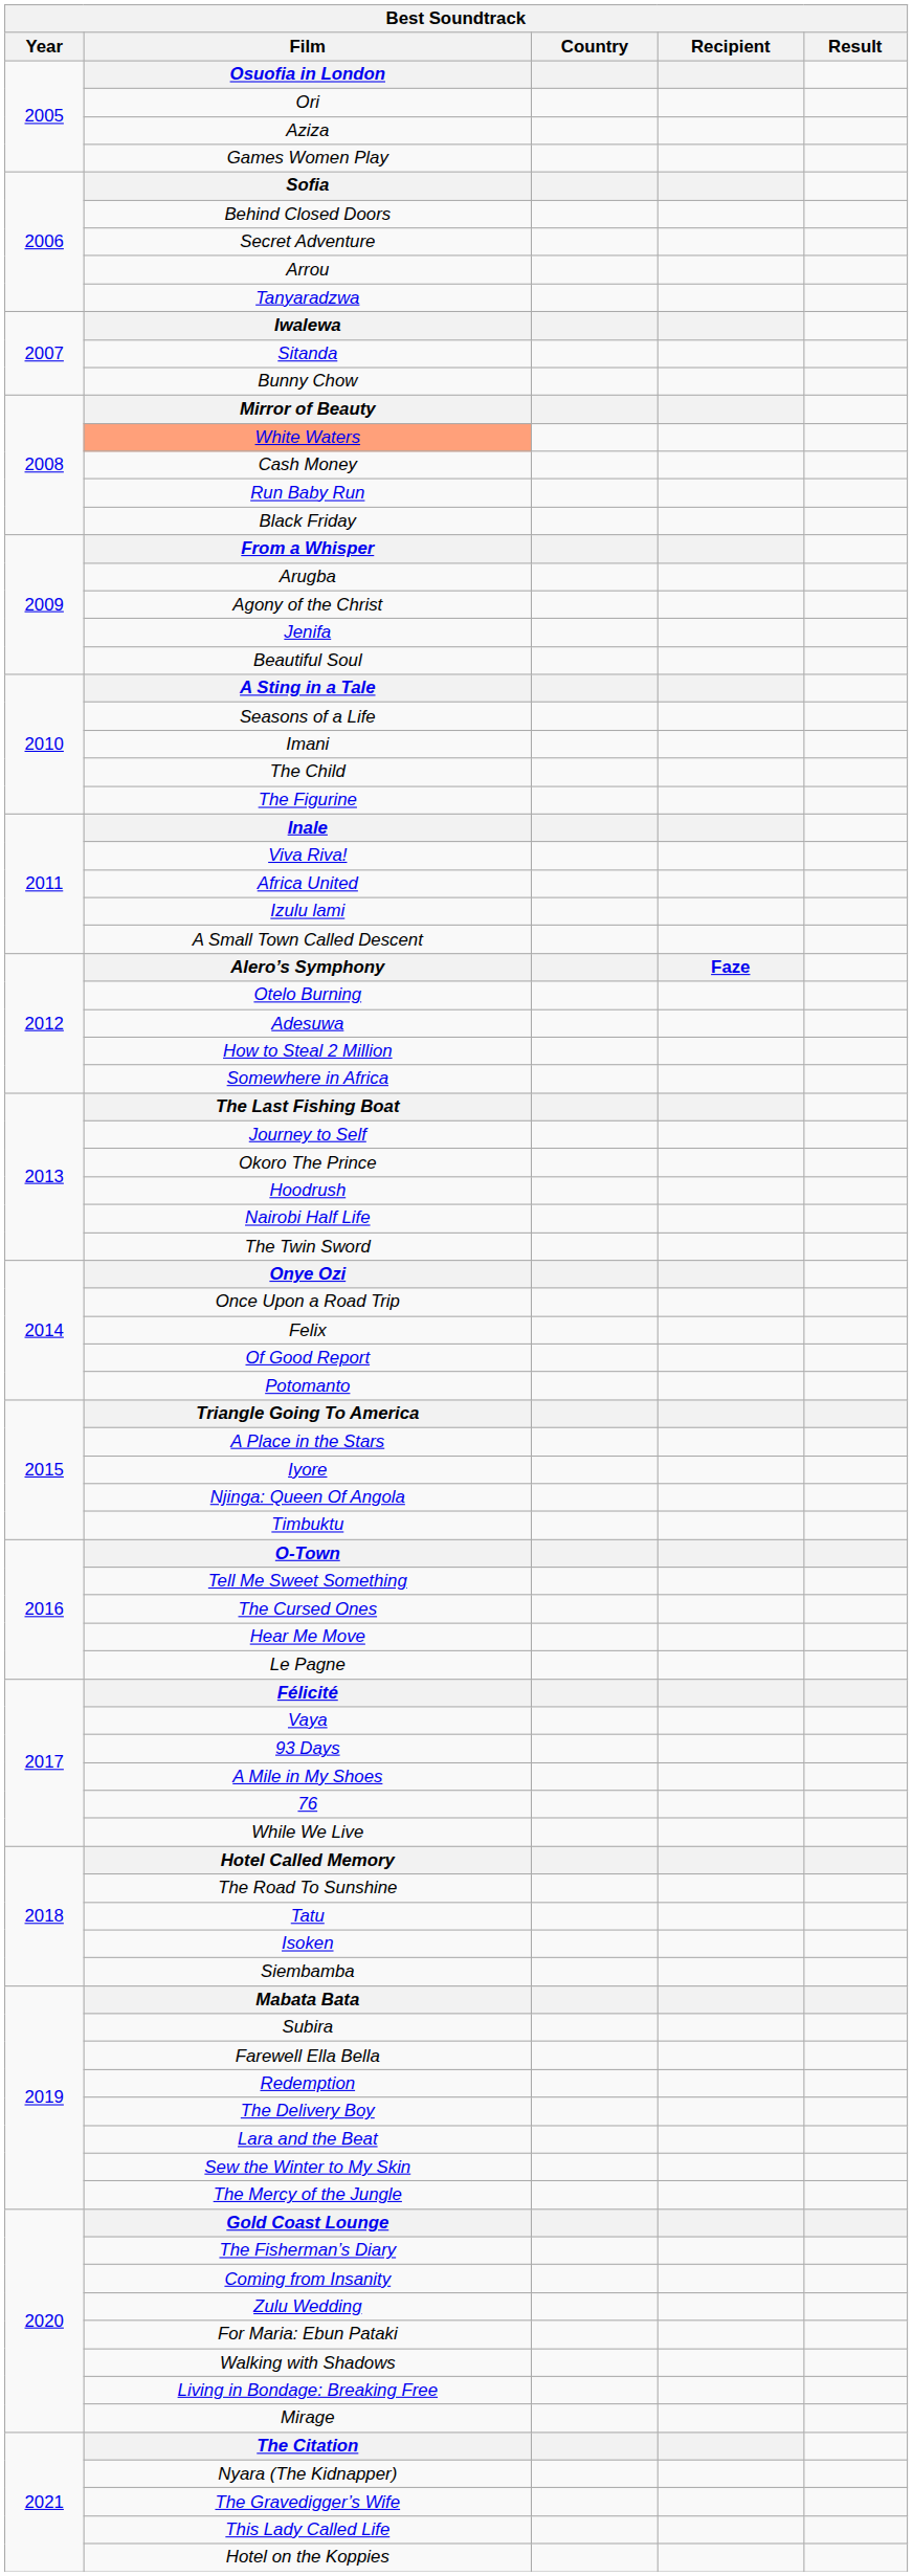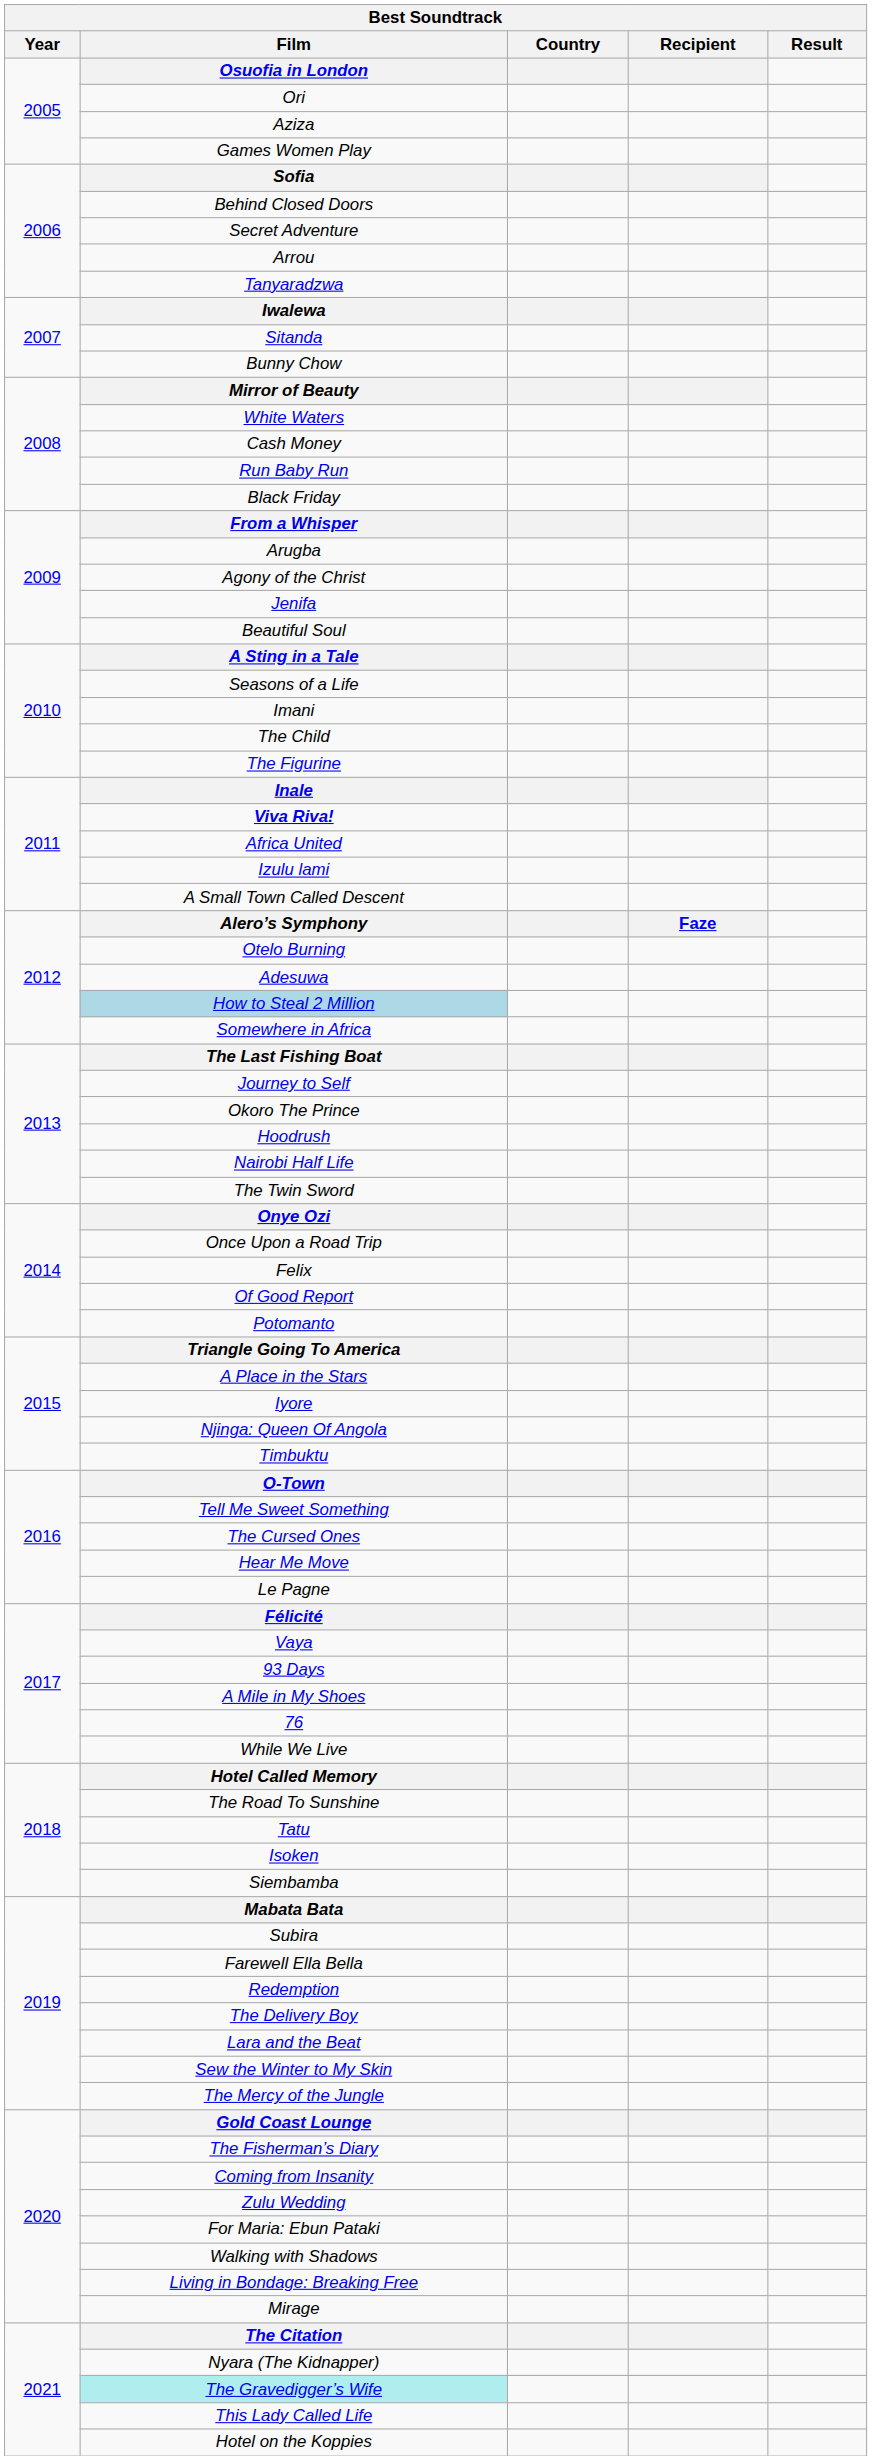 <table class=wikitable style="text-align:center" width="65%">
 <tr>
 <th colspan="5">Best Soundtrack</th>
 </tr>
 <tr>
 <th>Year</th>
 <th>Film</th>
 <th>Country</th>
 <th>Recipient</th>
 <th>Result</th>
 </tr>
 <tr>
 <td rowspan="4"><a href='#'>2005</a></td>
 <th><em><a href='#'>Osuofia in London</a></em></th>
 <th style="text-align: center"></th>
 <th></th>
 <td></td>
 </tr>
 <tr>
 <td><em>Ori</em></td>
 <td></td>
 <td></td>
 <td></td>
 </tr>
 <tr>
 <td><em>Aziza</em></td>
 <td></td>
 <td></td>
 <td></td>
 </tr>
 <tr>
 <td><em>Games Women Play</em></td>
 <td></td>
 <td></td>
 <td></td>
 </tr>
 <tr>
 <td rowspan="5"><a href='#'>2006</a></td>
 <th><em>Sofia</em></th>
 <th style="text-align: center"></th>
 <th></th>
 <td></td>
 </tr>
 <tr>
 <td><em>Behind Closed Doors</em></td>
 <td></td>
 <td></td>
 <td></td>
 </tr>
 <tr>
 <td><em>Secret Adventure</em></td>
 <td></td>
 <td></td>
 <td></td>
 </tr>
 <tr>
 <td><em>Arrou</em></td>
 <td></td>
 <td></td>
 <td></td>
 </tr>
 <tr>
 <td><em><a href='#'>Tanyaradzwa</a></em></td>
 <td></td>
 <td></td>
 <td></td>
 </tr>
 <tr>
 <td rowspan="3"><a href='#'>2007</a></td>
 <th><em>Iwalewa</em></th>
 <th style="text-align: center"></th>
 <th></th>
 <td></td>
 </tr>
 <tr>
 <td><em><a href='#'>Sitanda</a></em></td>
 <td></td>
 <td></td>
 <td></td>
 </tr>
 <tr>
 <td><em>Bunny Chow</em></td>
 <td></td>
 <td></td>
 <td></td>
 </tr>
 <tr>
 <td rowspan="5"><a href='#'>2008</a></td>
 <th><em>Mirror of Beauty</em></th>
 <th style="text-align: center"></th>
 <th></th>
 <td></td>
 </tr>
 <tr>
-<td style="background: lightsalmon;"><em><a href='#'>White Waters</a></em></td>
+<td><em><a href='#'>White Waters</a></em></td>
 <td></td>
 <td></td>
 <td></td>
 </tr>
 <tr>
 <td><em>Cash Money</em></td>
 <td></td>
 <td></td>
 <td></td>
 </tr>
 <tr>
 <td><em><a href='#'>Run Baby Run</a></em></td>
 <td></td>
 <td></td>
 <td></td>
 </tr>
 <tr>
 <td><em>Black Friday</em></td>
 <td></td>
 <td></td>
 <td></td>
 </tr>
 <tr>
 <td rowspan="5"><a href='#'>2009</a></td>
 <th><em><a href='#'>From a Whisper</a></em></th>
 <th style="text-align: center"></th>
 <th></th>
 <td></td>
 </tr>
 <tr>
 <td><em>Arugba</em></td>
 <td></td>
 <td></td>
 <td></td>
 </tr>
 <tr>
 <td><em>Agony of the Christ</em></td>
 <td></td>
 <td></td>
 <td></td>
 </tr>
 <tr>
 <td><em><a href='#'>Jenifa</a></em></td>
 <td></td>
 <td></td>
 <td></td>
 </tr>
 <tr>
 <td><em>Beautiful Soul</em></td>
 <td></td>
 <td></td>
 <td></td>
 </tr>
 <tr>
 <td rowspan="5"><a href='#'>2010</a></td>
 <th><em><a href='#'>A Sting in a Tale</a></em></th>
 <th style="text-align: center"></th>
 <th></th>
 <td></td>
 </tr>
 <tr>
 <td><em>Seasons of a Life</em></td>
 <td></td>
 <td></td>
 <td></td>
 </tr>
 <tr>
 <td><em>Imani</em></td>
 <td></td>
 <td></td>
 <td></td>
 </tr>
 <tr>
 <td><em>The Child</em></td>
 <td></td>
 <td></td>
 <td></td>
 </tr>
 <tr>
 <td><em><a href='#'>The Figurine</a></em></td>
 <td></td>
 <td></td>
 <td></td>
 </tr>
 <tr>
 <td rowspan="5"><a href='#'>2011</a></td>
 <th><em><a href='#'>Inale</a></em></th>
 <th style="text-align: center"></th>
 <th></th>
 <td></td>
 </tr>
 <tr>
-<td><em><a href='#'>Viva Riva!</a></em></td>
+<td><strong><em><a href='#'>Viva Riva!</a></em></strong></td>
 <td></td>
 <td></td>
 <td></td>
 </tr>
 <tr>
 <td><em><a href='#'>Africa United</a></em></td>
 <td></td>
 <td></td>
 <td></td>
 </tr>
 <tr>
 <td><em><a href='#'>Izulu lami</a></em></td>
 <td></td>
 <td></td>
 <td></td>
 </tr>
 <tr>
 <td><em>A Small Town Called Descent</em></td>
 <td></td>
 <td></td>
 <td></td>
 </tr>
 <tr>
 <td rowspan="5"><a href='#'>2012</a></td>
 <th><em>Alero’s Symphony</em></th>
 <th style="text-align: center"></th>
 <th><a href='#'>Faze</a></th>
 <td></td>
 </tr>
 <tr>
 <td><em><a href='#'>Otelo Burning</a></em></td>
 <td></td>
 <td></td>
 <td></td>
 </tr>
 <tr>
 <td><em><a href='#'>Adesuwa</a></em></td>
 <td></td>
 <td></td>
 <td></td>
 </tr>
 <tr>
-<td><em><a href='#'>How to Steal 2 Million</a></em></td>
+<td style="background: lightblue;"><em><a href='#'>How to Steal 2 Million</a></em></td>
 <td></td>
 <td></td>
 <td></td>
 </tr>
 <tr>
 <td><em><a href='#'>Somewhere in Africa</a></em></td>
 <td></td>
 <td></td>
 <td></td>
 </tr>
 <tr>
 <td rowspan="6"><a href='#'>2013</a></td>
 <th><em>The Last Fishing Boat</em></th>
 <th style="text-align: center"></th>
 <th></th>
 <td></td>
 </tr>
 <tr>
 <td><em><a href='#'>Journey to Self</a></em></td>
 <td></td>
 <td></td>
 <td></td>
 </tr>
 <tr>
 <td><em>Okoro The Prince</em></td>
 <td></td>
 <td></td>
 <td></td>
 </tr>
 <tr>
 <td><em><a href='#'>Hoodrush</a></em></td>
 <td></td>
 <td></td>
 <td></td>
 </tr>
 <tr>
 <td><em><a href='#'>Nairobi Half Life</a></em></td>
 <td></td>
 <td></td>
 <td></td>
 </tr>
 <tr>
 <td><em>The Twin Sword</em></td>
 <td></td>
 <td></td>
 <td></td>
 </tr>
 <tr>
 <td rowspan="5"><a href='#'>2014</a></td>
 <th><em><a href='#'>Onye Ozi</a></em></th>
 <th style="text-align: center"> </th>
 <th></th>
 <td></td>
 </tr>
 <tr>
 <td><em>Once Upon a Road Trip</em></td>
 <td></td>
 <td></td>
 <td></td>
 </tr>
 <tr>
 <td><em>Felix</em></td>
 <td></td>
 <td></td>
 <td></td>
 </tr>
 <tr>
 <td><em><a href='#'>Of Good Report</a></em></td>
 <td></td>
 <td></td>
 <td></td>
 </tr>
 <tr>
 <td><em><a href='#'>Potomanto</a></em></td>
 <td></td>
 <td></td>
 <td></td>
 </tr>
 <tr>
 <td rowspan="5"><a href='#'>2015</a></td>
 <th><strong><em>Triangle Going To America</em></strong></th>
 <th></th>
 <th></th>
 <th></th>
 </tr>
 <tr>
 <td><em><a href='#'>A Place in the Stars</a></em></td>
 <td></td>
 <td></td>
 <td></td>
 </tr>
 <tr>
 <td><em><a href='#'>Iyore</a></em></td>
 <td></td>
 <td></td>
 <td></td>
 </tr>
 <tr>
 <td><em><a href='#'>Njinga: Queen Of Angola</a></em></td>
 <td></td>
 <td></td>
 <td></td>
 </tr>
 <tr>
 <td><em><a href='#'>Timbuktu</a></em></td>
 <td></td>
 <td></td>
 <td></td>
 </tr>
 <tr>
 <td rowspan="5"><a href='#'>2016</a></td>
 <th><a href='#'><strong><em>O-Town</em></strong></a></th>
 <th></th>
 <th></th>
 <th></th>
 </tr>
 <tr>
 <td><em><a href='#'>Tell Me Sweet Something</a></em></td>
 <td></td>
 <td></td>
 <td></td>
 </tr>
 <tr>
 <td><em><a href='#'>The Cursed Ones</a></em></td>
 <td></td>
 <td></td>
 <td></td>
 </tr>
 <tr>
 <td><em><a href='#'>Hear Me Move</a></em></td>
 <td></td>
 <td></td>
 <td></td>
 </tr>
 <tr>
 <td><em>Le Pagne</em></td>
 <td></td>
 <td></td>
 <td></td>
 </tr>
 <tr>
 <td rowspan="6"><a href='#'>2017</a></td>
 <th><strong><em><a href='#'>Félicité</a></em></strong></th>
 <th></th>
 <th></th>
 <th></th>
 </tr>
 <tr>
 <td><em><a href='#'>Vaya</a></em></td>
 <td></td>
 <td></td>
 <td></td>
 </tr>
 <tr>
 <td><em><a href='#'>93 Days</a></em></td>
 <td></td>
 <td></td>
 <td></td>
 </tr>
 <tr>
 <td><em><a href='#'>A Mile in My Shoes</a></em></td>
 <td></td>
 <td></td>
 <td></td>
 </tr>
 <tr>
 <td><em><a href='#'>76</a></em></td>
 <td></td>
 <td></td>
 <td></td>
 </tr>
 <tr>
 <td><em>While We Live</em></td>
 <td></td>
 <td></td>
 <td></td>
 </tr>
 <tr>
 <td rowspan="5"><a href='#'>2018</a></td>
 <th><strong><em>Hotel Called Memory</em></strong></th>
 <th></th>
 <th></th>
 <th></th>
 </tr>
 <tr>
 <td><em>The Road To Sunshine</em></td>
 <td></td>
 <td></td>
 <td></td>
 </tr>
 <tr>
 <td><em><a href='#'>Tatu</a></em></td>
 <td></td>
 <td></td>
 <td></td>
 </tr>
 <tr>
 <td><em><a href='#'>Isoken</a></em></td>
 <td></td>
 <td></td>
 <td></td>
 </tr>
 <tr>
 <td><em>Siembamba</em></td>
 <td></td>
 <td></td>
 <td></td>
 </tr>
 <tr>
 <td rowspan="8"><a href='#'>2019</a></td>
 <th><strong><em>Mabata Bata</em></strong></th>
 <th></th>
 <th></th>
 <th></th>
 </tr>
 <tr>
 <td><em>Subira</em></td>
 <td></td>
 <td></td>
 <td></td>
 </tr>
 <tr>
 <td><em>Farewell Ella Bella</em></td>
 <td></td>
 <td></td>
 <td></td>
 </tr>
 <tr>
 <td><em><a href='#'>Redemption</a></em></td>
 <td></td>
 <td></td>
 <td></td>
 </tr>
 <tr>
 <td><em><a href='#'>The Delivery Boy</a></em></td>
 <td></td>
 <td></td>
 <td></td>
 </tr>
 <tr>
 <td><em><a href='#'>Lara and the Beat</a></em></td>
 <td></td>
 <td></td>
 <td></td>
 </tr>
 <tr>
 <td><em><a href='#'>Sew the Winter to My Skin</a></em></td>
 <td></td>
 <td></td>
 <td></td>
 </tr>
 <tr>
 <td><em><a href='#'>The Mercy of the Jungle</a></em></td>
 <td></td>
 <td></td>
 <td></td>
 </tr>
 <tr>
 <td rowspan="8"><a href='#'>2020</a></td>
 <th><strong><em><a href='#'>Gold Coast Lounge</a></em></strong></th>
 <th></th>
 <th></th>
 <th></th>
 </tr>
 <tr>
 <td><em><a href='#'>The Fisherman’s Diary</a></em></td>
 <td></td>
 <td></td>
 <td></td>
 </tr>
 <tr>
 <td><em><a href='#'>Coming from Insanity</a></em></td>
 <td></td>
 <td></td>
 <td></td>
 </tr>
 <tr>
 <td><em><a href='#'>Zulu Wedding</a></em></td>
 <td></td>
 <td></td>
 <td></td>
 </tr>
 <tr>
 <td><em>For Maria: Ebun Pataki</em></td>
 <td></td>
 <td></td>
 <td></td>
 </tr>
 <tr>
 <td><em>Walking with Shadows</em></td>
 <td></td>
 <td></td>
 <td></td>
 </tr>
 <tr>
 <td><em><a href='#'>Living in Bondage: Breaking Free</a></em></td>
 <td></td>
 <td></td>
 <td></td>
 </tr>
 <tr>
 <td><em>Mirage</em></td>
 <td></td>
 <td></td>
 <td></td>
 </tr>
 <tr>
 <td rowspan="5"><a href='#'>2021</a></td>
 <th><em><a href='#'>The Citation</a></em></th>
 <th></th>
 <th></th>
 <td></td>
 </tr>
 <tr>
 <td><em>Nyara (The Kidnapper)</em></td>
 <td></td>
 <td></td>
 <td></td>
 </tr>
 <tr>
-<td><em><a href='#'>The Gravedigger’s Wife</a></em></td>
+<td style="background: paleturquoise;"><em><a href='#'>The Gravedigger’s Wife</a></em></td>
 <td></td>
 <td></td>
 <td></td>
 </tr>
 <tr>
 <td><em><a href='#'>This Lady Called Life</a></em></td>
 <td></td>
 <td></td>
 <td></td>
 </tr>
 <tr>
 <td><em>Hotel on the Koppies</em></td>
 <td></td>
 <td></td>
 <td></td>
 </tr>
 <tr>
 </tr>
 </table>
